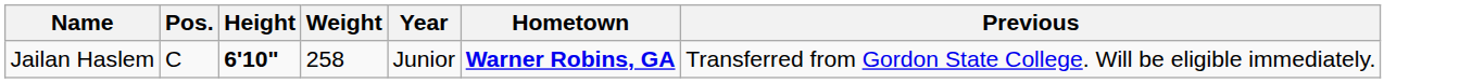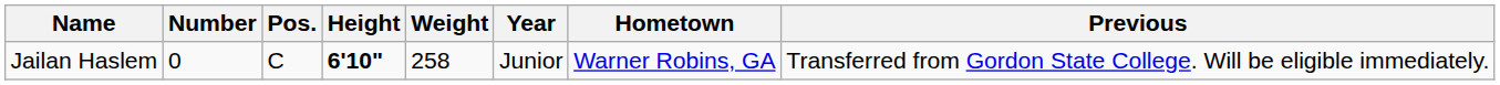 <table class="wikitable sortable" border="1">
 <tr>
 <th>Name</th>
+<th>Number</th>
 <th>Pos.</th>
 <th>Height</th>
 <th>Weight</th>
 <th>Year</th>
 <th>Hometown</th>
 <th>Previous</th>
 </tr>
 <tr>
 <td>Jailan Haslem</td>
+<td>0</td>
 <td>C</td>
 <td><strong>6'10"</strong></td>
 <td>258</td>
 <td>Junior</td>
-<td><strong><a href='#'>Warner Robins, GA</a></strong></td>
+<td><a href='#'>Warner Robins, GA</a></td>
 <td>Transferred from <a href='#'>Gordon State College</a>. Will be eligible immediately.</td>
 </tr>
 </table>
